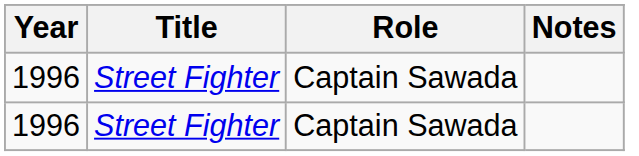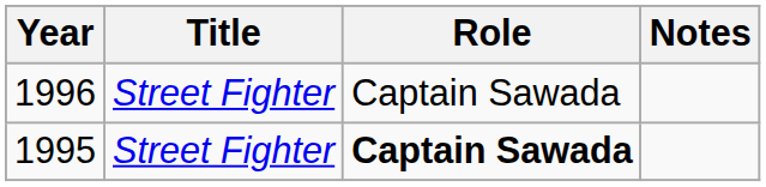 <table class="wikitable sortable">
 <tr>
 <th>Year</th>
 <th>Title</th>
 <th>Role</th>
 <th>Notes</th>
 </tr>
 <tr>
 <td>1996</td>
 <td><em><a href='#'>Street Fighter</a></em></td>
 <td>Captain Sawada</td>
 <td></td>
 </tr>
 <tr>
-<td>1996</td>
+<td>1995</td>
 <td><em><a href='#'>Street Fighter</a></em></td>
-<td>Captain Sawada</td>
+<td><strong>Captain Sawada</strong></td>
 <td></td>
 </tr>
 </table>
